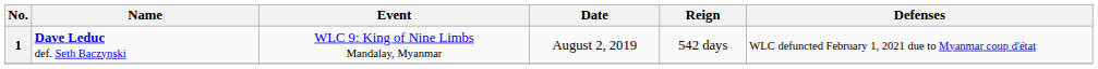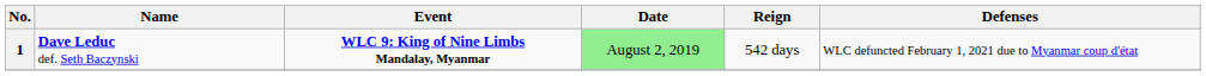 <table class="wikitable" width=100%>
 <tr>
 <th width=1%>No.</th>
 <th width=21%>Name</th>
 <th width=25%>Event</th>
 <th width=12%>Date</th>
 <th width=8%>Reign</th>
 <th width=32%>Defenses</th>
 </tr>
 <tr>
 <th>1</th>
 <td align=left> <strong><a href='#'>Dave Leduc</a></strong><br><small>def. <a href='#'>Seth Baczynski</a></small></td>
-<td align=center><a href='#'>WLC 9: King of Nine Limbs</a><br><small> Mandalay, Myanmar</small></td>
-<td align=center>August 2, 2019</td>
+<td align=center><strong><a href='#'>WLC 9: King of Nine Limbs</a><br><small> Mandalay, Myanmar</small></strong></td>
+<td align=center style="background: lightgreen;">August 2, 2019</td>
 <td align=center>542 days</td>
 <td><small>WLC defuncted February 1, 2021 due to <a href='#'>Myanmar coup d'état</a></small></td>
 </tr>
 <tr>
 </tr>
 </table>
